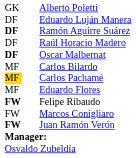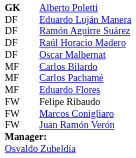 <table style="font-size:90%; margin:0.2em auto;" cellspacing="0" cellpadding="0">
 <tr>
 <th width="25"></th>
 <th width="25"></th>
 </tr>
 <tr>
-<td>GK</td>
+<td><strong>GK</strong></td>
 <td></td>
 <td> <a href='#'>Alberto Poletti</a></td>
 </tr>
 <tr>
 <td>DF</td>
 <td></td>
 <td> <a href='#'>Eduardo Luján Manera</a></td>
 </tr>
 <tr>
-<td><strong>DF</strong></td>
+<td>DF</td>
 <td></td>
 <td> <a href='#'>Ramón Aguirre Suárez</a></td>
 </tr>
 <tr>
 <td>DF</td>
 <td></td>
 <td> <a href='#'>Raúl Horacio Madero</a></td>
 </tr>
 <tr>
-<td><strong>DF</strong></td>
+<td>DF</td>
 <td></td>
 <td> <a href='#'>Oscar Malbernat</a></td>
 </tr>
 <tr>
 <td>MF</td>
 <td></td>
 <td> <a href='#'>Carlos Bilardo</a></td>
 </tr>
 <tr>
-<td style="background: gold;">MF</td>
+<td>MF</td>
 <td></td>
 <td> <a href='#'>Carlos Pachamé</a></td>
 </tr>
 <tr>
 <td>MF</td>
 <td></td>
 <td> <a href='#'>Eduardo Flores</a></td>
 </tr>
 <tr>
-<td><strong>FW</strong></td>
+<td>FW</td>
 <td></td>
 <td> Felipe Ribaudo</td>
 </tr>
 <tr>
 <td>FW</td>
 <td></td>
 <td> <a href='#'>Marcos Conigliaro</a></td>
 </tr>
 <tr>
-<td><strong>FW</strong></td>
+<td>FW</td>
 <td></td>
 <td> <a href='#'>Juan Ramón Verón</a></td>
 </tr>
 <tr>
 <td colspan=3><strong>Manager:</strong></td>
 </tr>
 <tr>
 <td colspan=4> <a href='#'>Osvaldo Zubeldía</a></td>
 </tr>
 </table>
